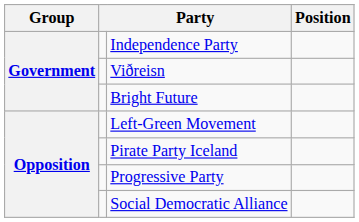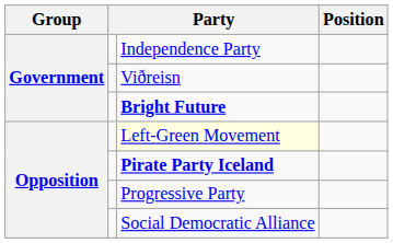 <table class="wikitable" style="font-size: 90%;">
 <tr>
 <th>Group</th>
 <th colspan="2">Party</th>
 <th>Position</th>
 </tr>
 <tr>
 <th rowspan="3" style="vertical-align: center;"><a href='#'>Government</a></th>
 <td></td>
 <td><a href='#'>Independence Party</a></td>
 <td></td>
 </tr>
 <tr>
 <td></td>
 <td><a href='#'>Viðreisn</a></td>
 <td></td>
 </tr>
 <tr>
 <td></td>
-<td><a href='#'>Bright Future</a></td>
+<td><strong><a href='#'>Bright Future</a></strong></td>
 <td></td>
 </tr>
 <tr>
 <th rowspan="4" style="vertical-align: center;"><a href='#'>Opposition</a></th>
 <td></td>
-<td><a href='#'>Left-Green Movement</a></td>
+<td style="background: lightyellow;"><a href='#'>Left-Green Movement</a></td>
 <td></td>
 </tr>
 <tr>
 <td></td>
-<td><a href='#'>Pirate Party Iceland</a></td>
+<td><strong><a href='#'>Pirate Party Iceland</a></strong></td>
 <td></td>
 </tr>
 <tr>
 <td></td>
 <td><a href='#'>Progressive Party</a></td>
 <td></td>
 </tr>
 <tr>
 <td></td>
 <td><a href='#'>Social Democratic Alliance</a></td>
 <td></td>
 </tr>
 </table>
